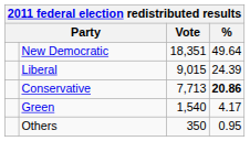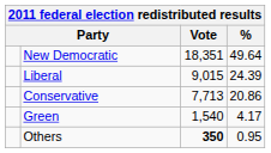 <table class="wikitable">
 <tr>
 <th colspan="4"><a href='#'>2011 federal election</a> redistributed results</th>
 </tr>
 <tr>
 <th bgcolor="#DDDDFF" width="130px" colspan="2">Party</th>
 <th bgcolor="#DDDDFF" width="50px">Vote</th>
 <th bgcolor="#DDDDFF" width="30px">%</th>
 </tr>
 <tr>
 <td> </td>
 <td><a href='#'>New Democratic</a></td>
 <td align=right>18,351</td>
 <td align=right>49.64</td>
 </tr>
 <tr>
 <td> </td>
 <td><a href='#'>Liberal</a></td>
 <td align=right>9,015</td>
 <td align=right>24.39</td>
 </tr>
 <tr>
 <td> </td>
 <td><a href='#'>Conservative</a></td>
 <td align=right>7,713</td>
-<td align=right><strong>20.86</strong></td>
+<td align=right>20.86</td>
 </tr>
 <tr>
 <td> </td>
 <td><a href='#'>Green</a></td>
 <td align=right>1,540</td>
 <td align=right>4.17</td>
 </tr>
 <tr>
 <td> </td>
 <td>Others</td>
-<td align=right>350</td>
+<td align=right><strong>350</strong></td>
 <td align=right>0.95</td>
 </tr>
 </table>
